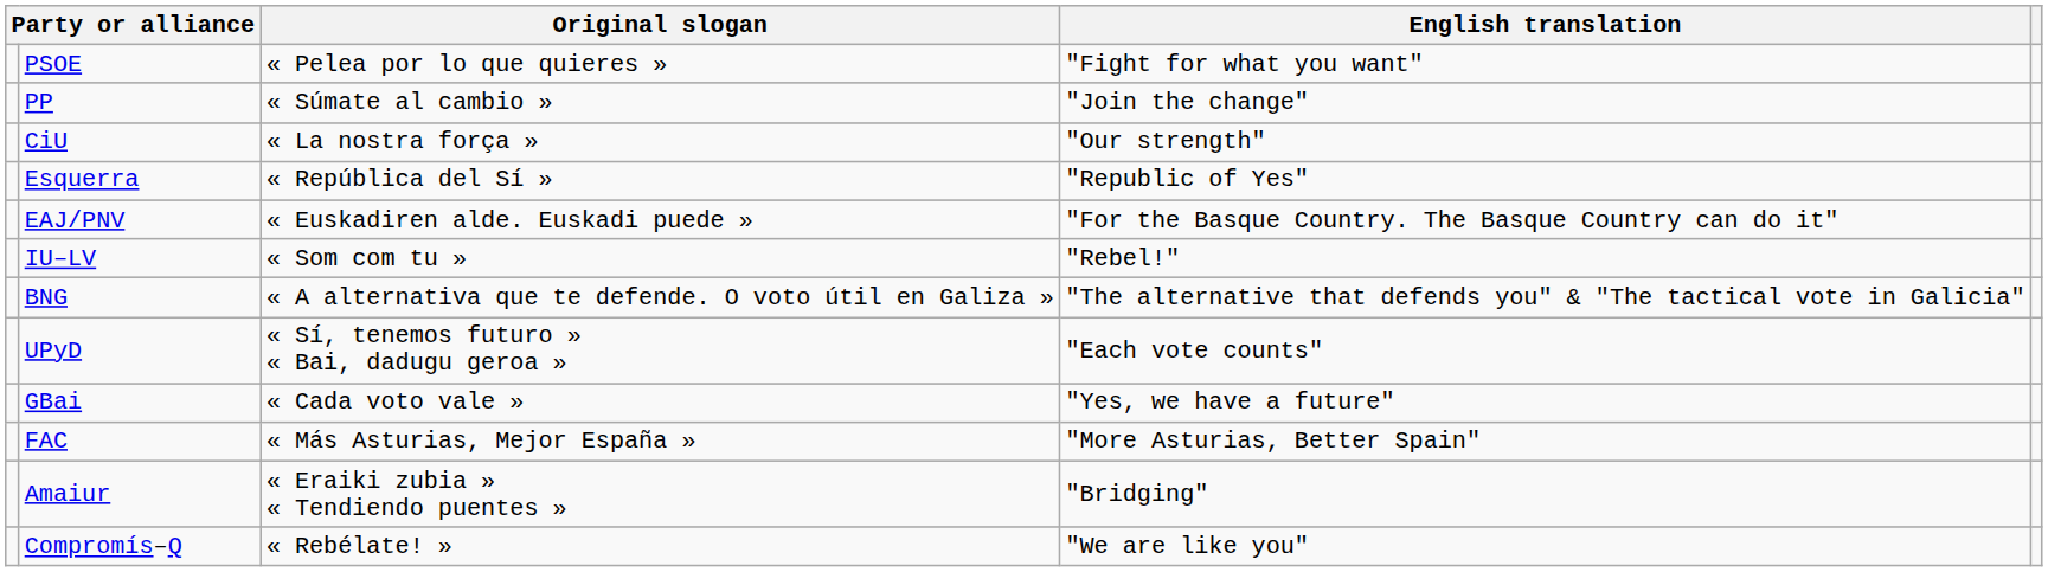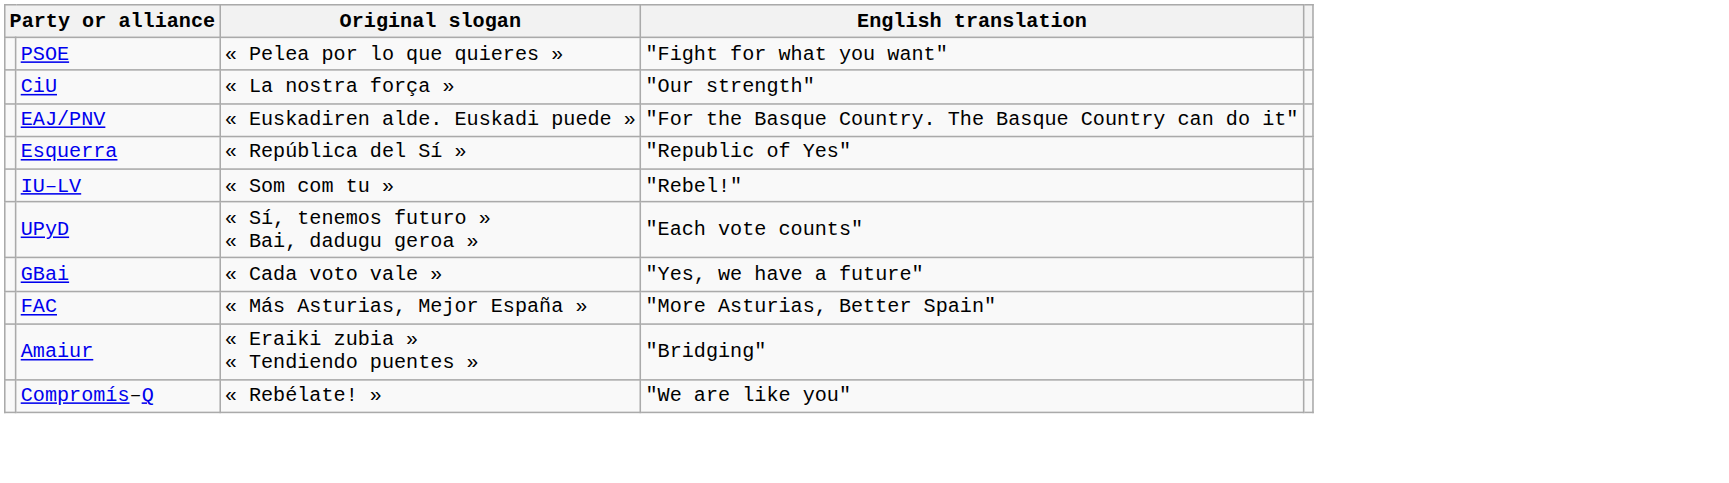 <table class="wikitable" style="text-align:left;">
 <tr>
 <th style="text-align:left;" colspan="2">Party or alliance</th>
 <th>Original slogan</th>
 <th>English translation</th>
 <th></th>
 </tr>
 <tr>
 <td width="1" style="color:inherit;background:"></td>
 <td><a href='#'>PSOE</a></td>
 <td>« Pelea por lo que quieres »</td>
 <td>"Fight for what you want"</td>
 <td></td>
 </tr>
 <tr>
 <td style="color:inherit;background:"></td>
-<td><a href='#'>PP</a></td>
-<td>« Súmate al cambio »</td>
-<td>"Join the change"</td>
+<td><a href='#'>CiU</a></td>
+<td>« La nostra força »</td>
+<td>"Our strength"</td>
 <td></td>
 </tr>
 <tr>
 <td style="color:inherit;background:"></td>
-<td><a href='#'>CiU</a></td>
-<td>« La nostra força »</td>
-<td>"Our strength"</td>
+<td><a href='#'>EAJ/PNV</a></td>
+<td>« Euskadiren alde. Euskadi puede »</td>
+<td>"For the Basque Country. The Basque Country can do it"</td>
 <td></td>
 </tr>
 <tr>
 <td style="color:inherit;background:"></td>
 <td><a href='#'>Esquerra</a></td>
 <td>« República del Sí »</td>
 <td>"Republic of Yes"</td>
 <td></td>
 </tr>
 <tr>
 <td style="color:inherit;background:"></td>
-<td><a href='#'>EAJ/PNV</a></td>
-<td>« Euskadiren alde. Euskadi puede »</td>
-<td>"For the Basque Country. The Basque Country can do it"</td>
-<td></td>
-</tr>
-<tr>
-<td style="color:inherit;background:"></td>
 <td><a href='#'>IU–LV</a></td>
 <td>« Som com tu »</td>
 <td>"Rebel!"</td>
-<td></td>
-</tr>
-<tr>
-<td style="color:inherit;background:"></td>
-<td><a href='#'>BNG</a></td>
-<td>« A alternativa que te defende. O voto útil en Galiza »</td>
-<td>"The alternative that defends you" & "The tactical vote in Galicia"</td>
 <td></td>
 </tr>
 <tr>
 <td style="color:inherit;background:"></td>
 <td><a href='#'>UPyD</a></td>
 <td>« Sí, tenemos futuro »<br>« Bai, dadugu geroa »</td>
 <td>"Each vote counts"</td>
 <td></td>
 </tr>
 <tr>
 <td style="color:inherit;background:"></td>
 <td><a href='#'>GBai</a></td>
 <td>« Cada voto vale »</td>
 <td>"Yes, we have a future"</td>
 <td></td>
 </tr>
 <tr>
 <td style="color:inherit;background:"></td>
 <td><a href='#'>FAC</a></td>
 <td>« Más Asturias, Mejor España »</td>
 <td>"More Asturias, Better Spain"</td>
 <td></td>
 </tr>
 <tr>
 <td style="color:inherit;background:"></td>
 <td><a href='#'>Amaiur</a></td>
 <td>« Eraiki zubia »<br>« Tendiendo puentes »</td>
 <td>"Bridging"</td>
 <td></td>
 </tr>
 <tr>
 <td style="color:inherit;background:"></td>
 <td><a href='#'>Compromís</a>–<a href='#'>Q</a></td>
 <td>« Rebélate! »</td>
 <td>"We are like you"</td>
 <td></td>
 </tr>
 </table>
